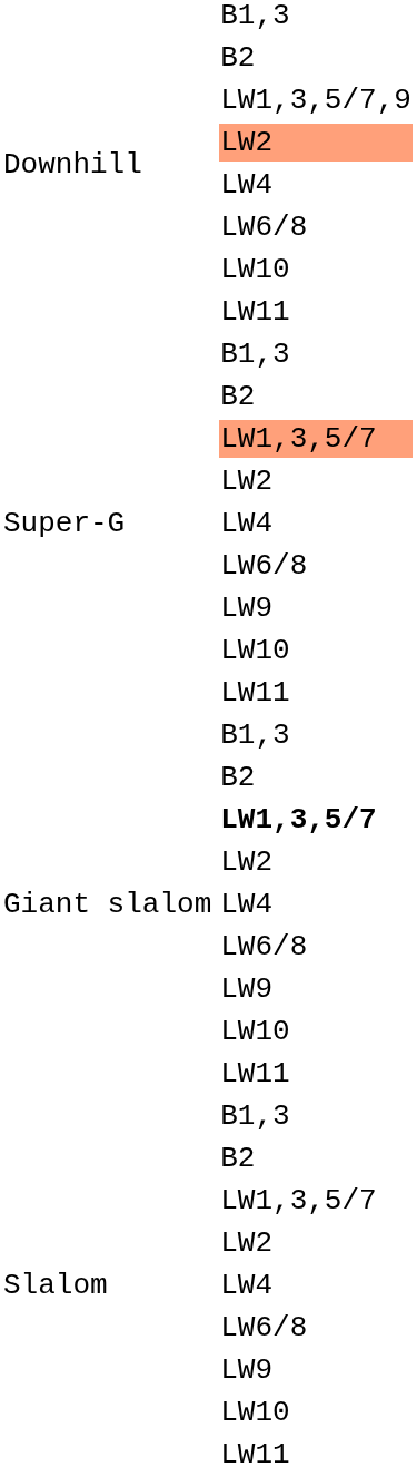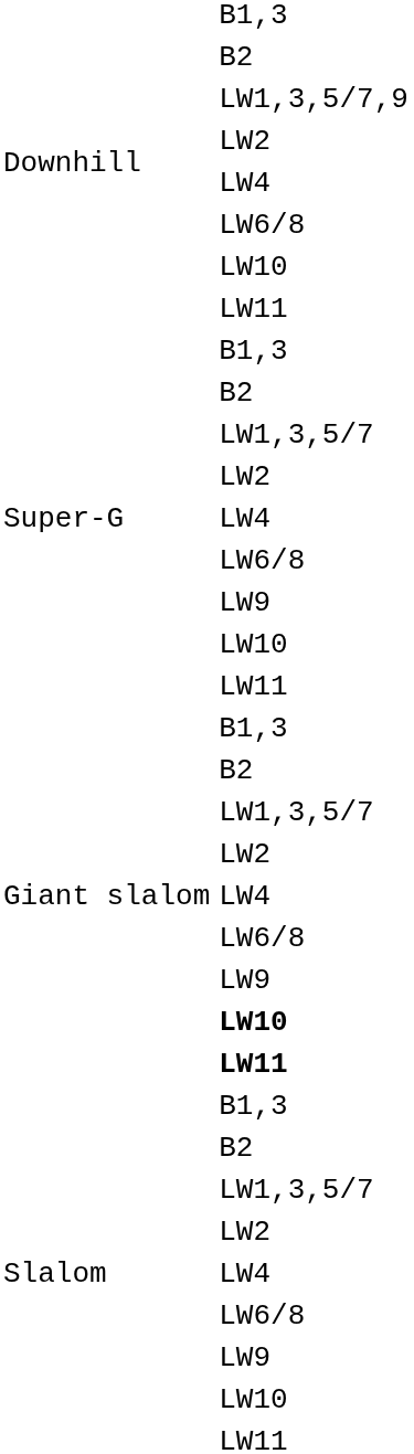 <table>
 <tr>
 <td rowspan="8">Downhill</td>
 <td>B1,3<br></td>
 <td></td>
 <td></td>
 <td></td>
 </tr>
 <tr>
 <td>B2<br></td>
 <td></td>
 <td></td>
 <td></td>
 </tr>
 <tr>
 <td>LW1,3,5/7,9<br></td>
 <td></td>
 <td></td>
 <td></td>
 </tr>
 <tr>
-<td style="background: lightsalmon;">LW2<br></td>
+<td>LW2<br></td>
 <td></td>
 <td></td>
 <td></td>
 </tr>
 <tr>
 <td>LW4<br></td>
 <td></td>
 <td></td>
 <td></td>
 </tr>
 <tr>
 <td>LW6/8<br></td>
 <td></td>
 <td></td>
 <td></td>
 </tr>
 <tr>
 <td>LW10<br></td>
 <td></td>
 <td></td>
 <td></td>
 </tr>
 <tr>
 <td>LW11<br></td>
 <td></td>
 <td></td>
 <td></td>
 </tr>
 <tr>
 <td rowspan="9">Super-G</td>
 <td>B1,3<br></td>
 <td></td>
 <td></td>
 <td></td>
 </tr>
 <tr>
 <td>B2<br></td>
 <td></td>
 <td></td>
 <td></td>
 </tr>
 <tr>
-<td style="background: lightsalmon;">LW1,3,5/7<br></td>
+<td>LW1,3,5/7<br></td>
 <td></td>
 <td></td>
 <td></td>
 </tr>
 <tr>
 <td>LW2<br></td>
 <td></td>
 <td></td>
 <td></td>
 </tr>
 <tr>
 <td>LW4<br></td>
 <td></td>
 <td></td>
 <td></td>
 </tr>
 <tr>
 <td>LW6/8<br></td>
 <td></td>
 <td></td>
 <td></td>
 </tr>
 <tr>
 <td>LW9<br></td>
 <td></td>
 <td></td>
 <td></td>
 </tr>
 <tr>
 <td>LW10<br></td>
 <td></td>
 <td></td>
 <td></td>
 </tr>
 <tr>
 <td>LW11<br></td>
 <td></td>
 <td></td>
 <td></td>
 </tr>
 <tr>
 <td rowspan="9">Giant slalom</td>
 <td>B1,3<br></td>
 <td></td>
 <td></td>
 <td></td>
 </tr>
 <tr>
 <td>B2<br></td>
 <td></td>
 <td></td>
 <td></td>
 </tr>
 <tr>
-<td><strong>LW1,3,5/7<br></strong></td>
+<td>LW1,3,5/7<br></td>
 <td></td>
 <td></td>
 <td></td>
 </tr>
 <tr>
 <td>LW2<br></td>
 <td></td>
 <td></td>
 <td></td>
 </tr>
 <tr>
 <td>LW4<br></td>
 <td></td>
 <td></td>
 <td></td>
 </tr>
 <tr>
 <td>LW6/8<br></td>
 <td></td>
 <td></td>
 <td></td>
 </tr>
 <tr>
 <td>LW9<br></td>
 <td></td>
 <td></td>
 <td></td>
 </tr>
 <tr>
-<td>LW10<br></td>
+<td><strong>LW10<br></strong></td>
 <td></td>
 <td></td>
 <td></td>
 </tr>
 <tr>
-<td>LW11<br></td>
+<td><strong>LW11<br></strong></td>
 <td></td>
 <td></td>
 <td></td>
 </tr>
 <tr>
 <td rowspan="9">Slalom</td>
 <td>B1,3<br></td>
 <td></td>
 <td></td>
 <td></td>
 </tr>
 <tr>
 <td>B2<br></td>
 <td></td>
 <td></td>
 <td></td>
 </tr>
 <tr>
 <td>LW1,3,5/7<br></td>
 <td></td>
 <td></td>
 <td></td>
 </tr>
 <tr>
 <td>LW2<br></td>
 <td></td>
 <td></td>
 <td></td>
 </tr>
 <tr>
 <td>LW4<br></td>
 <td></td>
 <td></td>
 <td></td>
 </tr>
 <tr>
 <td>LW6/8<br></td>
 <td></td>
 <td></td>
 <td></td>
 </tr>
 <tr>
 <td>LW9<br></td>
 <td></td>
 <td></td>
 <td></td>
 </tr>
 <tr>
 <td>LW10<br></td>
 <td></td>
 <td></td>
 <td></td>
 </tr>
 <tr>
 <td>LW11<br></td>
 <td></td>
 <td></td>
 <td></td>
 </tr>
 </table>
